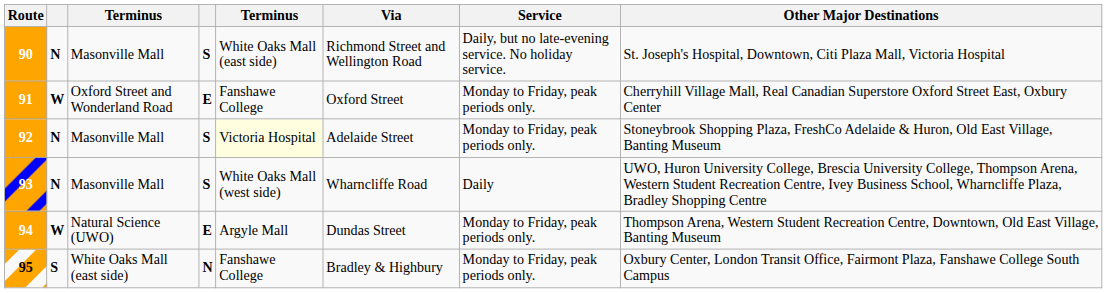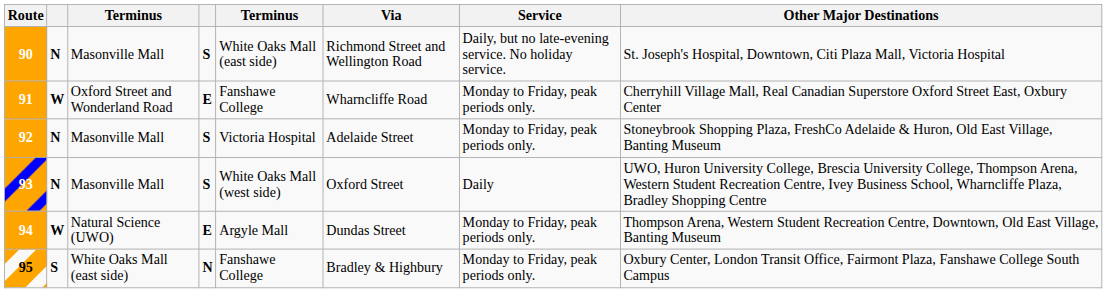 <table class="wikitable">
 <tr>
 <th>Route</th>
 <th></th>
 <th>Terminus</th>
 <th></th>
 <th>Terminus</th>
 <th>Via</th>
 <th>Service</th>
 <th>Other Major Destinations</th>
 </tr>
 <tr align="left">
 <td style="background:orange; color:white" align="center"><strong>90</strong></td>
 <td><strong>N</strong></td>
 <td>Masonville Mall</td>
 <td><strong>S</strong></td>
 <td>White Oaks Mall (east side)</td>
 <td>Richmond Street and Wellington Road</td>
 <td>Daily, but no late-evening service. No holiday service.</td>
 <td>St. Joseph's Hospital, Downtown, Citi Plaza Mall, Victoria Hospital</td>
 </tr>
 <tr align="left">
 <td style="background:orange; color:white"  align="center"><strong>91</strong></td>
 <td><strong>W</strong></td>
 <td>Oxford Street and Wonderland Road</td>
 <td><strong>E</strong></td>
 <td>Fanshawe College</td>
-<td>Oxford Street</td>
+<td>Wharncliffe Road</td>
 <td>Monday to Friday, peak periods only.</td>
 <td>Cherryhill Village Mall, Real Canadian Superstore Oxford Street East, Oxbury Center</td>
 </tr>
 <tr align="left">
 <td style="background:orange; color:white"  align="center"><strong>92</strong></td>
 <td><strong>N</strong></td>
 <td>Masonville Mall</td>
 <td><strong>S</strong></td>
-<td style="background: lightyellow;">Victoria Hospital</td>
+<td>Victoria Hospital</td>
 <td>Adelaide Street</td>
 <td>Monday to Friday, peak periods only.</td>
 <td>Stoneybrook Shopping Plaza, FreshCo Adelaide & Huron, Old East Village, Banting Museum</td>
 </tr>
 <tr align="left">
 <td style="background-image: linear-gradient(135deg, orange 35%, blue 35%, blue 50%, orange 50%, orange 85%, blue 85%, blue 100%); background-size: 50px 50px; color:white" align="center"><strong>93</strong></td>
 <td><strong>N</strong></td>
 <td>Masonville Mall</td>
 <td><strong>S</strong></td>
 <td>White Oaks Mall (west side)</td>
-<td>Wharncliffe Road</td>
+<td>Oxford Street</td>
 <td>Daily</td>
 <td>UWO, Huron University College, Brescia University College, Thompson Arena, Western Student Recreation Centre, Ivey Business School, Wharncliffe Plaza, Bradley Shopping Centre</td>
 </tr>
 <tr align="left">
 <td style="background:orange; color:white"  align="center"><strong>94</strong></td>
 <td><strong>W</strong></td>
 <td>Natural Science (UWO)</td>
 <td><strong>E</strong></td>
 <td>Argyle Mall</td>
 <td>Dundas Street</td>
 <td>Monday to Friday, peak periods only.</td>
 <td>Thompson Arena, Western Student Recreation Centre, Downtown, Old East Village, Banting Museum</td>
 </tr>
 <tr align="left">
 <td style="background-image: linear-gradient(135deg, orange 15%, transparent 15%, transparent 35%, orange 35%, orange 65%, transparent 65%, transparent 85%, orange 85%, orange 100%); background-size: 50px 50px; color:black" align="center"><strong>95</strong></td>
 <td><strong>S</strong></td>
 <td>White Oaks Mall (east side)</td>
 <td><strong>N</strong></td>
 <td>Fanshawe College</td>
 <td>Bradley & Highbury</td>
 <td>Monday to Friday, peak periods only.</td>
 <td>Oxbury Center, London Transit Office, Fairmont Plaza, Fanshawe College South Campus</td>
 </tr>
 </table>
